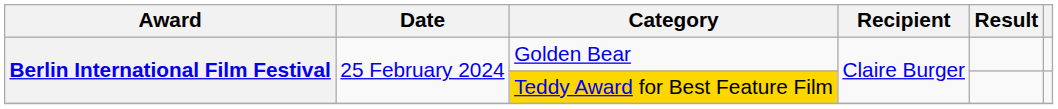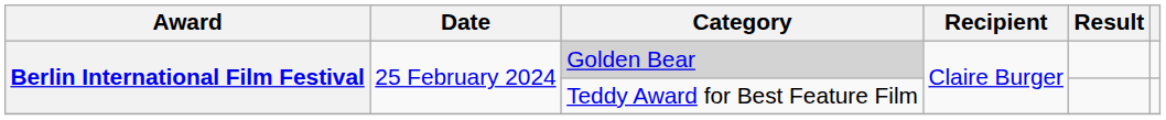 <table class="wikitable sortable plainrowheaders">
 <tr>
 <th>Award</th>
 <th>Date</th>
 <th>Category</th>
 <th>Recipient</th>
 <th>Result</th>
 <th></th>
 </tr>
 <tr>
 <th scope="row" rowspan=2><a href='#'>Berlin International Film Festival</a></th>
 <td rowspan=2><a href='#'>25 February 2024</a></td>
-<td><a href='#'>Golden Bear</a></td>
+<td style="background: lightgrey;"><a href='#'>Golden Bear</a></td>
 <td rowspan=2><a href='#'>Claire Burger</a></td>
 <td></td>
 <td align="center" rowspan="1"></td>
 </tr>
 <tr>
-<td style="background: gold;"><a href='#'>Teddy Award</a> for Best Feature Film</td>
+<td><a href='#'>Teddy Award</a> for Best Feature Film</td>
 <td></td>
 <td align="center" rowspan="1"></td>
 </tr>
 <tr>
 </tr>
 </table>
